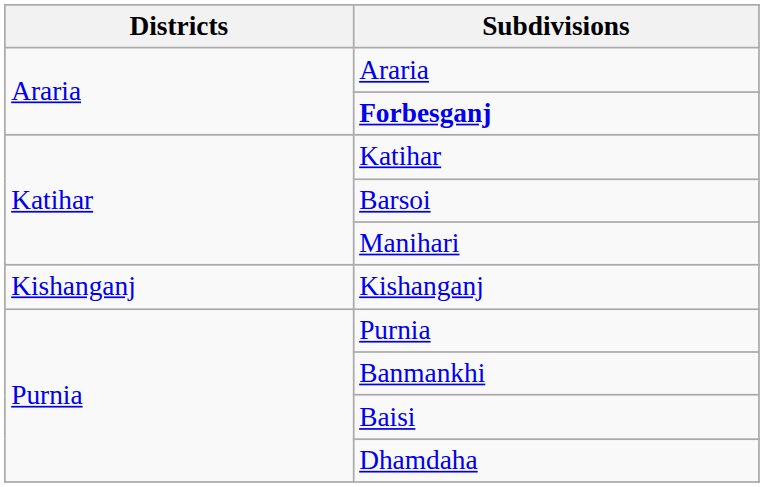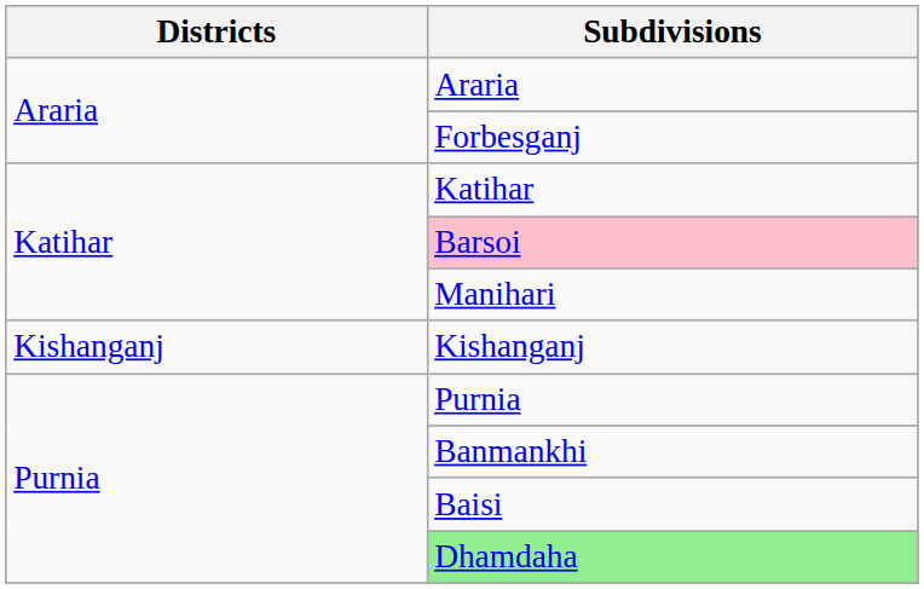 <table class="wikitable sortable" width="50%">
 <tr>
 <th>Districts</th>
 <th>Subdivisions</th>
 </tr>
 <tr>
 <td rowspan="2"><a href='#'>Araria</a></td>
 <td><a href='#'>Araria</a></td>
 </tr>
 <tr>
-<td><strong><a href='#'>Forbesganj</a></strong></td>
+<td><a href='#'>Forbesganj</a></td>
 </tr>
 <tr>
 <td rowspan="3"><a href='#'>Katihar</a></td>
 <td><a href='#'>Katihar</a></td>
 </tr>
 <tr>
-<td><a href='#'>Barsoi</a></td>
+<td style="background: pink;"><a href='#'>Barsoi</a></td>
 </tr>
 <tr>
 <td><a href='#'>Manihari</a></td>
 </tr>
 <tr>
 <td><a href='#'>Kishanganj</a></td>
 <td><a href='#'>Kishanganj</a></td>
 </tr>
 <tr>
 <td rowspan="4"><a href='#'>Purnia</a></td>
 <td><a href='#'>Purnia</a></td>
 </tr>
 <tr>
 <td><a href='#'>Banmankhi</a></td>
 </tr>
 <tr>
 <td><a href='#'>Baisi</a></td>
 </tr>
 <tr>
-<td><a href='#'>Dhamdaha</a></td>
+<td style="background: lightgreen;"><a href='#'>Dhamdaha</a></td>
 </tr>
 </table>
